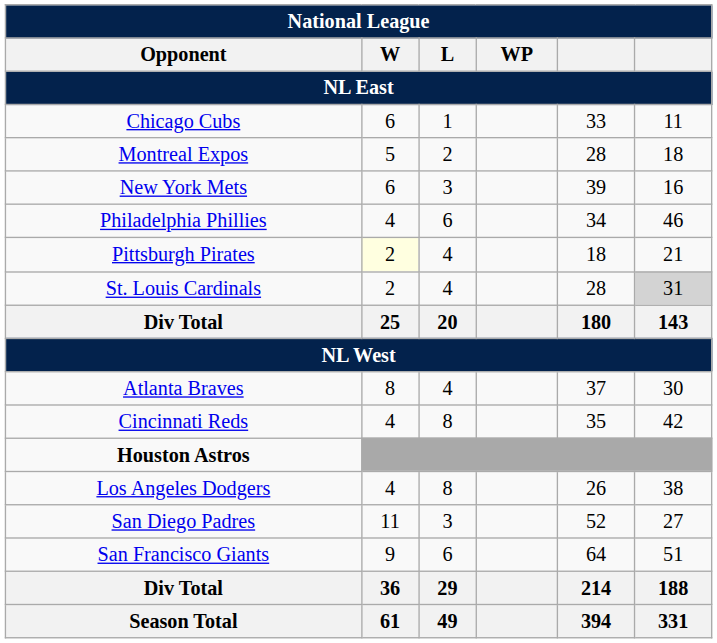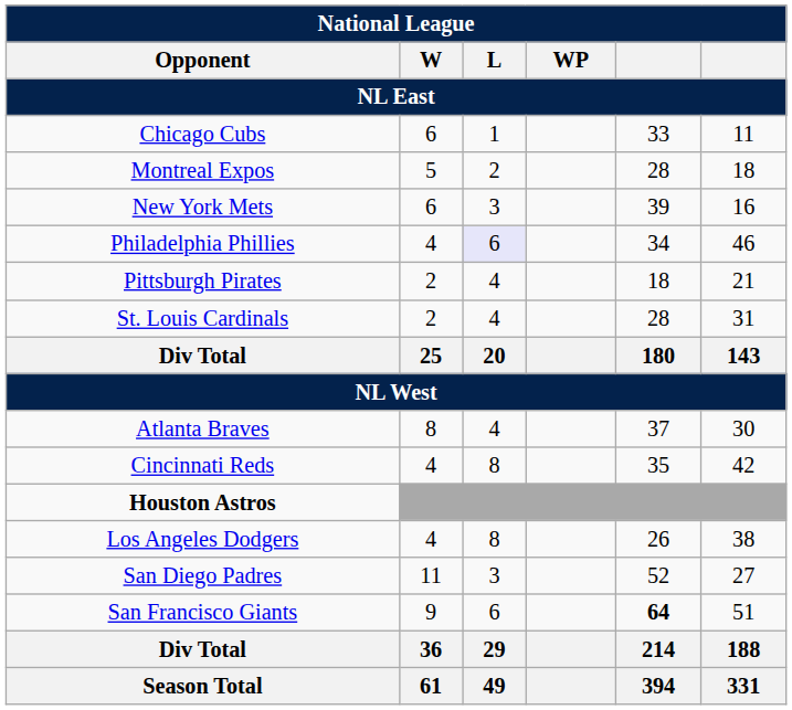 <table class="wikitable" style="margin:1em auto; font-size:95%; text-align:center; width:35em;">
 <tr>
 <th colspan="7" style="background:#03224c; color:#ffffff;">National League</th>
 </tr>
 <tr>
 <th>Opponent</th>
 <th>W</th>
 <th>L</th>
 <th>WP</th>
 <th></th>
 <th></th>
 </tr>
 <tr>
 <th colspan="7" style="background:#03224c; color:#ffffff;">NL East</th>
 </tr>
 <tr>
 <td><a href='#'>Chicago Cubs</a></td>
 <td>6</td>
 <td>1</td>
 <td></td>
 <td>33</td>
 <td>11</td>
 </tr>
 <tr>
 <td><a href='#'>Montreal Expos</a></td>
 <td>5</td>
 <td>2</td>
 <td></td>
 <td>28</td>
 <td>18</td>
 </tr>
 <tr>
 <td><a href='#'><span>New York Mets</span></a></td>
 <td>6</td>
 <td>3</td>
 <td></td>
 <td>39</td>
 <td>16</td>
 </tr>
 <tr>
 <td><a href='#'><span>Philadelphia Phillies</span></a></td>
 <td>4</td>
-<td>6</td>
+<td style="background: lavender;">6</td>
 <td></td>
 <td>34</td>
 <td>46</td>
 </tr>
 <tr>
 <td><a href='#'>Pittsburgh Pirates</a></td>
-<td style="background: lightyellow;">2</td>
+<td>2</td>
 <td>4</td>
 <td></td>
 <td>18</td>
 <td>21</td>
 </tr>
 <tr>
 <td><a href='#'>St. Louis Cardinals</a></td>
 <td>2</td>
 <td>4</td>
 <td></td>
 <td>28</td>
-<td style="background: lightgrey;">31</td>
+<td>31</td>
 </tr>
 <tr>
 <th>Div Total</th>
 <th>25</th>
 <th>20</th>
 <th></th>
 <th>180</th>
 <th>143</th>
 </tr>
 <tr>
 <th colspan="7" style="background:#03224c; color:#ffffff;">NL West</th>
 </tr>
 <tr>
 <td><a href='#'>Atlanta Braves</a></td>
 <td>8</td>
 <td>4</td>
 <td></td>
 <td>37</td>
 <td>30</td>
 </tr>
 <tr>
 <td><a href='#'>Cincinnati Reds</a></td>
 <td>4</td>
 <td>8</td>
 <td></td>
 <td>35</td>
 <td>42</td>
 </tr>
 <tr>
 <td><span><strong>Houston Astros</strong></span></td>
 <td colspan=5 style="background:darkgray;"></td>
 </tr>
 <tr>
 <td><a href='#'><span>Los Angeles Dodgers</span></a></td>
 <td>4</td>
 <td>8</td>
 <td></td>
 <td>26</td>
 <td>38</td>
 </tr>
 <tr>
 <td><a href='#'>San Diego Padres</a></td>
 <td>11</td>
 <td>3</td>
 <td></td>
 <td>52</td>
 <td>27</td>
 </tr>
 <tr>
 <td><a href='#'>San Francisco Giants</a></td>
 <td>9</td>
 <td>6</td>
 <td></td>
-<td>64</td>
+<td><strong>64</strong></td>
 <td>51</td>
 </tr>
 <tr>
 <th>Div Total</th>
 <th>36</th>
 <th>29</th>
 <th></th>
 <th>214</th>
 <th>188</th>
 </tr>
 <tr>
 <th>Season Total</th>
 <th>61</th>
 <th>49</th>
 <th></th>
 <th>394</th>
 <th>331</th>
 </tr>
 </table>
